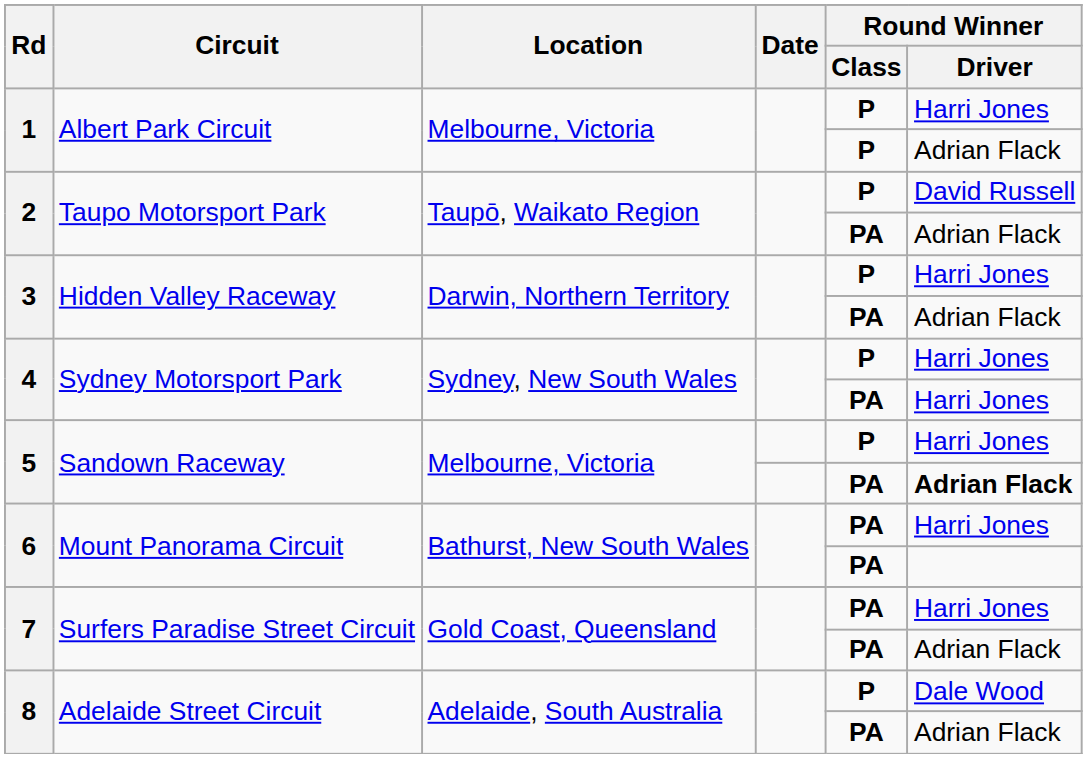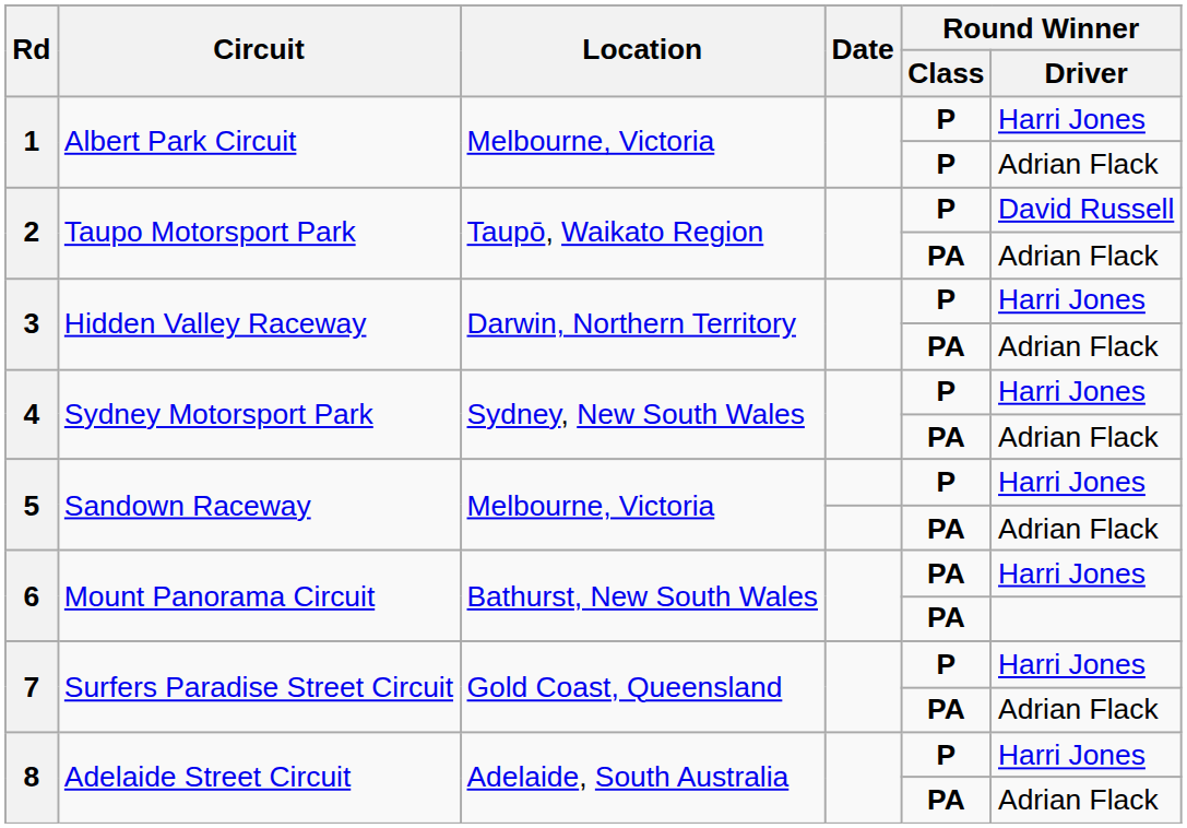 <table class="wikitable" style=font-size:85%;>
 <tr>
 <th rowspan="2">Rd</th>
 <th rowspan="2">Circuit</th>
 <th rowspan="2">Location</th>
 <th rowspan="2">Date</th>
 <th colspan="2">Round Winner</th>
 </tr>
 <tr>
 <th>Class</th>
 <th>Driver</th>
 </tr>
 <tr>
 <th rowspan="2">1</th>
 <td rowspan="2"> <a href='#'>Albert Park Circuit</a></td>
 <td rowspan="2"><a href='#'>Melbourne, Victoria</a></td>
 <td rowspan="2"></td>
 <td align=center><strong><span>P</span> </strong></td>
 <td> <a href='#'>Harri Jones</a></td>
 </tr>
 <tr>
 <td align=center><strong><span>P</span> </strong></td>
 <td> Adrian Flack</td>
 </tr>
 <tr>
 <th rowspan="2">2</th>
 <td rowspan="2"> <a href='#'>Taupo Motorsport Park</a></td>
 <td rowspan="2"><a href='#'>Taupō</a>, <a href='#'>Waikato Region</a></td>
 <td rowspan="2"></td>
 <td align=center><strong><span>P</span> </strong></td>
 <td> <a href='#'>David Russell</a></td>
 </tr>
 <tr>
 <td align=center><strong><span>PA</span> </strong></td>
 <td> Adrian Flack</td>
 </tr>
 <tr>
 <th rowspan="2">3</th>
 <td rowspan="2"> <a href='#'>Hidden Valley Raceway</a></td>
 <td rowspan="2"><a href='#'>Darwin, Northern Territory</a></td>
 <td rowspan="2"></td>
 <td align=center><strong><span>P</span> </strong></td>
 <td> <a href='#'>Harri Jones</a></td>
 </tr>
 <tr>
 <td align=center><strong><span>PA</span> </strong></td>
 <td> Adrian Flack</td>
 </tr>
 <tr>
 <th rowspan="2">4</th>
 <td rowspan="2"> <a href='#'>Sydney Motorsport Park</a></td>
 <td rowspan="2"><a href='#'>Sydney</a>, <a href='#'>New South Wales</a></td>
 <td rowspan="2"></td>
 <td align=center><strong><span>P</span> </strong></td>
 <td> <a href='#'>Harri Jones</a></td>
 </tr>
 <tr>
 <td align=center><strong><span>PA</span> </strong></td>
-<td> <a href='#'>Harri Jones</a></td>
+<td> Adrian Flack</td>
 </tr>
 <tr>
 <th rowspan="2">5</th>
 <td rowspan="2"> <a href='#'>Sandown Raceway</a></td>
 <td rowspan="2"><a href='#'>Melbourne, Victoria</a></td>
 <td></td>
 <td align="center"><strong><span>P</span> </strong></td>
 <td> <a href='#'>Harri Jones</a></td>
 </tr>
 <tr>
 <td></td>
 <td align="center"><strong><span>PA</span> </strong></td>
-<td><strong> Adrian Flack</strong></td>
+<td> Adrian Flack</td>
 </tr>
 <tr>
 <th rowspan="2">6</th>
 <td rowspan="2"> <a href='#'>Mount Panorama Circuit</a></td>
 <td rowspan="2"><a href='#'>Bathurst, New South Wales</a></td>
 <td rowspan="2"></td>
 <td align=center><strong><span>PA</span> </strong></td>
 <td> <a href='#'>Harri Jones</a></td>
 </tr>
 <tr>
 <td align=center><strong><span>PA</span> </strong></td>
 <td></td>
 </tr>
 <tr>
 <th rowspan="2">7</th>
 <td rowspan="2"> <a href='#'>Surfers Paradise Street Circuit</a></td>
 <td rowspan="2"><a href='#'>Gold Coast, Queensland</a></td>
 <td rowspan="2"></td>
-<td align=center><strong><span>PA</span> </strong></td>
+<td align="center"><strong><span>P</span> </strong></td>
 <td> <a href='#'>Harri Jones</a></td>
 </tr>
 <tr>
 <td align="center"><strong><span>PA</span> </strong></td>
 <td> Adrian Flack</td>
 </tr>
 <tr>
 <th rowspan="2">8</th>
 <td rowspan="2"> <a href='#'>Adelaide Street Circuit</a></td>
 <td rowspan="2"><a href='#'>Adelaide</a>, <a href='#'>South Australia</a></td>
 <td rowspan="2"></td>
 <td align="center"><strong><span>P</span> </strong></td>
-<td> <a href='#'>Dale Wood</a></td>
+<td> <a href='#'>Harri Jones</a></td>
 </tr>
 <tr>
 <td align=center><strong><span>PA</span> </strong></td>
 <td> Adrian Flack</td>
 </tr>
 </table>
